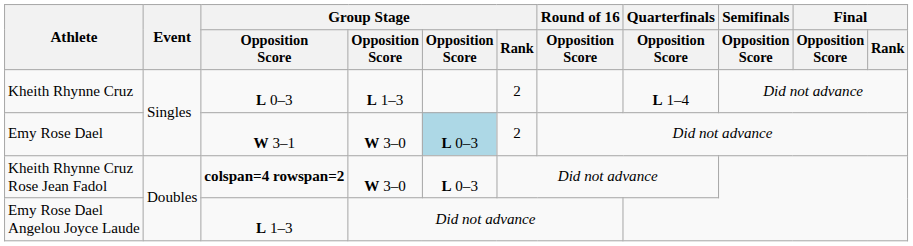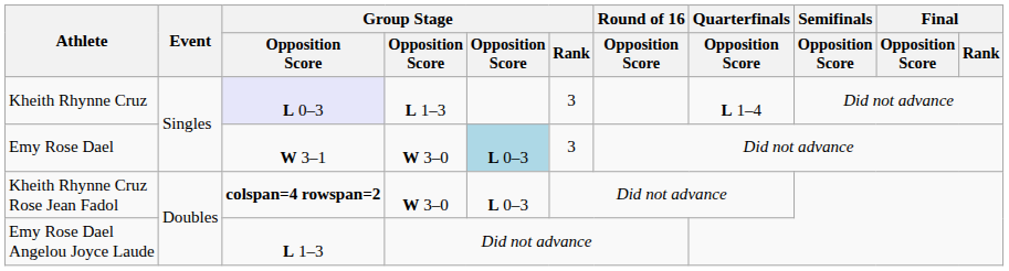 <table class="wikitable" style="font-size:90%">
 <tr>
 <th rowspan=2>Athlete</th>
 <th rowspan=2>Event</th>
 <th colspan=4>Group Stage</th>
 <th>Round of 16</th>
 <th>Quarterfinals</th>
 <th>Semifinals</th>
 <th colspan=2>Final</th>
 </tr>
 <tr style="font-size:95%">
 <th>Opposition<br>Score</th>
 <th>Opposition<br>Score</th>
 <th>Opposition<br>Score</th>
 <th>Rank</th>
 <th>Opposition<br>Score</th>
 <th>Opposition<br>Score</th>
 <th>Opposition<br>Score</th>
 <th>Opposition<br>Score</th>
 <th>Rank</th>
 </tr>
 <tr align=center>
 <td align=left>Kheith Rhynne Cruz</td>
 <td align=left rowspan=2>Singles</td>
-<td><br><strong>L</strong> 0–3</td>
+<td style="background: lavender;"><br><strong>L</strong> 0–3</td>
 <td><br><strong>L</strong> 1–3</td>
 <td></td>
-<td>2</td>
+<td>3</td>
 <td></td>
 <td><br><strong>L</strong> 1–4</td>
 <td colspan=3><em>Did not advance</em></td>
 </tr>
 <tr align=center>
 <td align=left>Emy Rose Dael</td>
 <td><br><strong>W</strong> 3–1</td>
 <td><br><strong>W</strong> 3–0</td>
 <td style="background: lightblue;"><br><strong>L</strong> 0–3</td>
-<td>2</td>
+<td>3</td>
 <td colspan=5><em>Did not advance</em></td>
 </tr>
 <tr align=center>
 <td align=left>Kheith Rhynne Cruz<br>Rose Jean Fadol</td>
 <td align=left rowspan=2>Doubles</td>
 <td><strong>colspan=4 rowspan=2 </strong></td>
 <td><br><strong>W</strong> 3–0</td>
 <td><br><strong>L</strong> 0–3</td>
 <td colspan=3><em>Did not advance</em></td>
 </tr>
 <tr align=center>
 <td align=left>Emy Rose Dael<br>Angelou Joyce Laude</td>
 <td><br><strong>L</strong> 1–3</td>
 <td colspan=4><em>Did not advance</em></td>
 </tr>
 </table>
